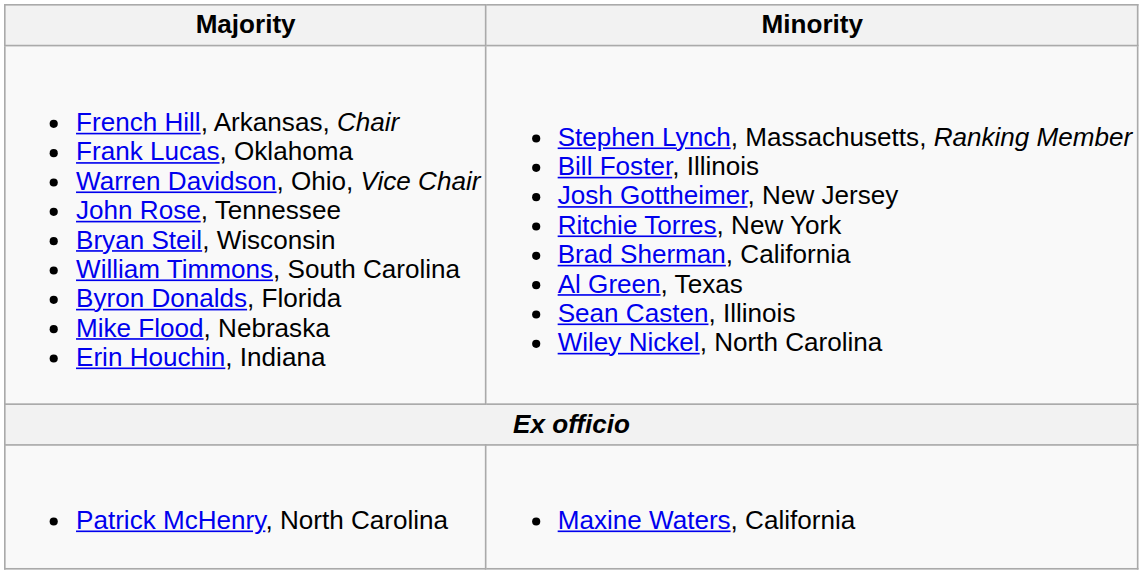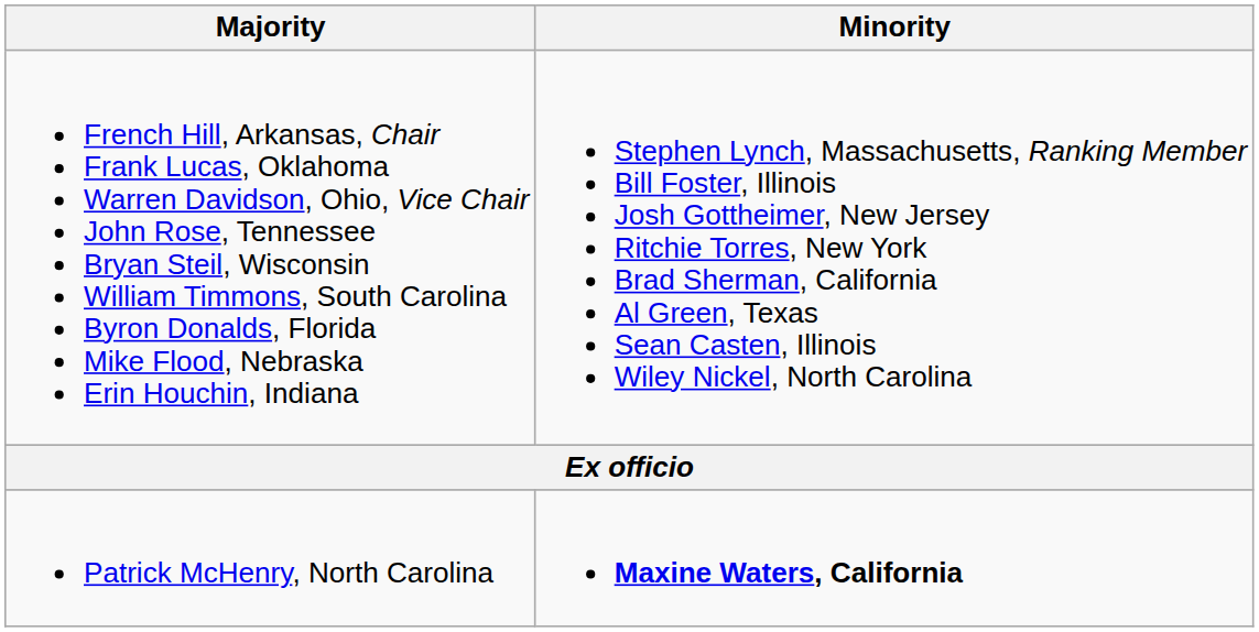 <table class=wikitable>
 <tr>
 <th>Majority</th>
 <th>Minority</th>
 </tr>
 <tr>
 <td><br><ul><li><a href='#'>French Hill</a>, Arkansas, <em>Chair</em></li><li><a href='#'>Frank Lucas</a>, Oklahoma</li><li><a href='#'>Warren Davidson</a>, Ohio, <em>Vice Chair</em></li><li><a href='#'>John Rose</a>, Tennessee</li><li><a href='#'>Bryan Steil</a>, Wisconsin</li><li><a href='#'>William Timmons</a>, South Carolina</li><li><a href='#'>Byron Donalds</a>, Florida</li><li><a href='#'>Mike Flood</a>, Nebraska</li><li><a href='#'>Erin Houchin</a>, Indiana</li></ul></td>
 <td><br><ul><li><a href='#'>Stephen Lynch</a>, Massachusetts, <em>Ranking Member</em></li><li><a href='#'>Bill Foster</a>, Illinois</li><li><a href='#'>Josh Gottheimer</a>, New Jersey</li><li><a href='#'>Ritchie Torres</a>, New York</li><li><a href='#'>Brad Sherman</a>, California</li><li><a href='#'>Al Green</a>, Texas</li><li><a href='#'>Sean Casten</a>, Illinois</li><li><a href='#'>Wiley Nickel</a>, North Carolina</li></ul></td>
 </tr>
 <tr>
 <th colspan=2><em>Ex officio</em></th>
 </tr>
 <tr>
 <td><br><ul><li><a href='#'>Patrick McHenry</a>, North Carolina</li></ul></td>
-<td><br><ul><li><a href='#'>Maxine Waters</a>, California</li></ul></td>
+<td><strong><br><ul><li><a href='#'>Maxine Waters</a>, California</li></ul></strong></td>
 </tr>
 </table>
